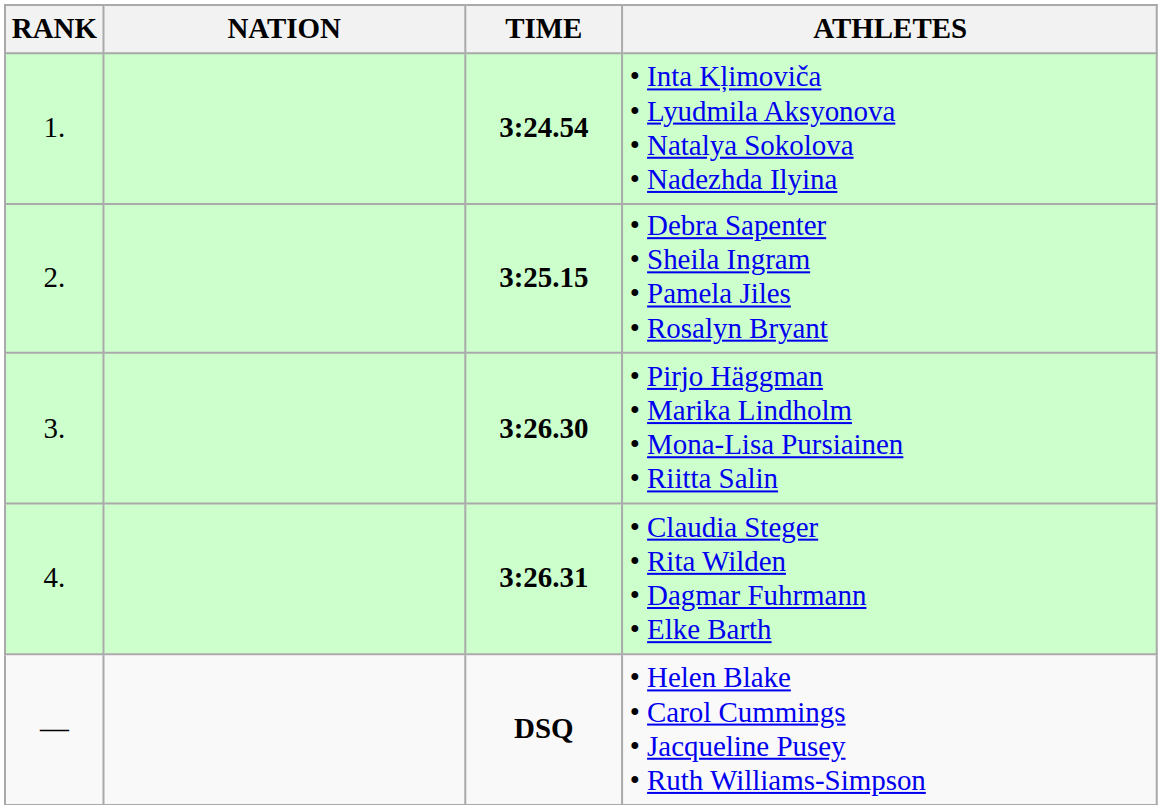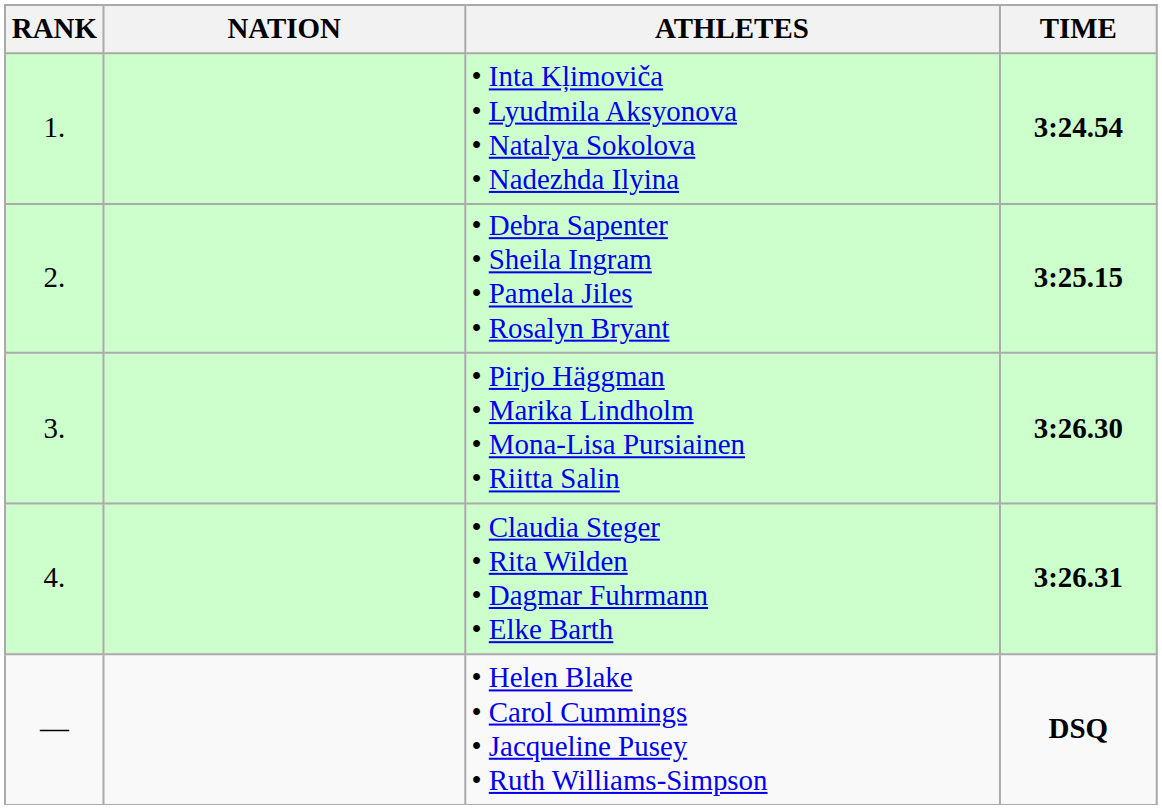 <table class="wikitable" style="border-collapse: collapse; font-size: 90%;">
 <tr>
 <th>RANK</th>
 <th style="width: 12em">NATION</th>
+<th style="width: 18em">ATHLETES</th>
 <th style="width: 5em">TIME</th>
-<th style="width: 18em">ATHLETES</th>
 </tr>
 <tr style="background:#ccffcc;">
 <td align="center">1.</td>
 <td align="center"></td>
+<td>• <a href='#'>Inta Kļimoviča</a><br>• <a href='#'>Lyudmila Aksyonova</a><br>• <a href='#'>Natalya Sokolova</a><br>• <a href='#'>Nadezhda Ilyina</a></td>
 <td align="center"><strong>3:24.54</strong></td>
-<td>• <a href='#'>Inta Kļimoviča</a><br>• <a href='#'>Lyudmila Aksyonova</a><br>• <a href='#'>Natalya Sokolova</a><br>• <a href='#'>Nadezhda Ilyina</a></td>
 </tr>
 <tr style="background:#ccffcc;">
 <td align="center">2.</td>
 <td align="center"></td>
+<td>• <a href='#'>Debra Sapenter</a><br>• <a href='#'>Sheila Ingram</a><br>• <a href='#'>Pamela Jiles</a><br>• <a href='#'>Rosalyn Bryant</a></td>
 <td align="center"><strong>3:25.15</strong></td>
-<td>• <a href='#'>Debra Sapenter</a><br>• <a href='#'>Sheila Ingram</a><br>• <a href='#'>Pamela Jiles</a><br>• <a href='#'>Rosalyn Bryant</a></td>
 </tr>
 <tr style="background:#ccffcc;">
 <td align="center">3.</td>
 <td align="center"></td>
+<td>• <a href='#'>Pirjo Häggman</a><br>• <a href='#'>Marika Lindholm</a><br>• <a href='#'>Mona-Lisa Pursiainen</a><br>• <a href='#'>Riitta Salin</a></td>
 <td align="center"><strong>3:26.30</strong></td>
-<td>• <a href='#'>Pirjo Häggman</a><br>• <a href='#'>Marika Lindholm</a><br>• <a href='#'>Mona-Lisa Pursiainen</a><br>• <a href='#'>Riitta Salin</a></td>
 </tr>
 <tr style="background:#ccffcc;">
 <td align="center">4.</td>
 <td align="center"></td>
+<td>• <a href='#'>Claudia Steger</a><br>• <a href='#'>Rita Wilden</a><br>• <a href='#'>Dagmar Fuhrmann</a><br>• <a href='#'>Elke Barth</a></td>
 <td align="center"><strong>3:26.31</strong></td>
-<td>• <a href='#'>Claudia Steger</a><br>• <a href='#'>Rita Wilden</a><br>• <a href='#'>Dagmar Fuhrmann</a><br>• <a href='#'>Elke Barth</a></td>
 </tr>
 <tr>
 <td align="center">—</td>
 <td align="center"></td>
+<td>• <a href='#'>Helen Blake</a><br>• <a href='#'>Carol Cummings</a><br>• <a href='#'>Jacqueline Pusey</a><br>• <a href='#'>Ruth Williams-Simpson</a></td>
 <td align="center"><strong>DSQ</strong></td>
-<td>• <a href='#'>Helen Blake</a><br>• <a href='#'>Carol Cummings</a><br>• <a href='#'>Jacqueline Pusey</a><br>• <a href='#'>Ruth Williams-Simpson</a></td>
 </tr>
 </table>
